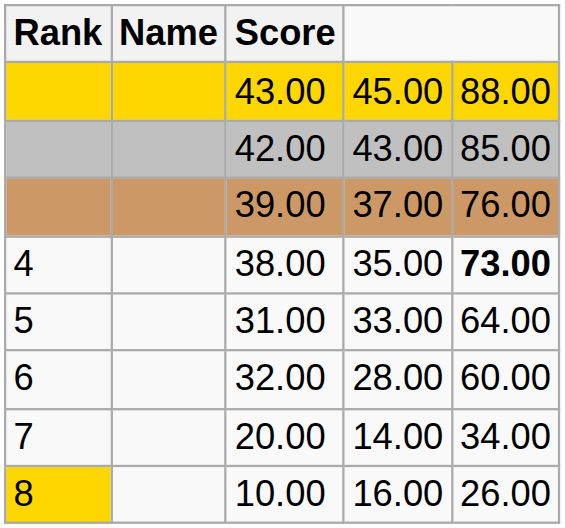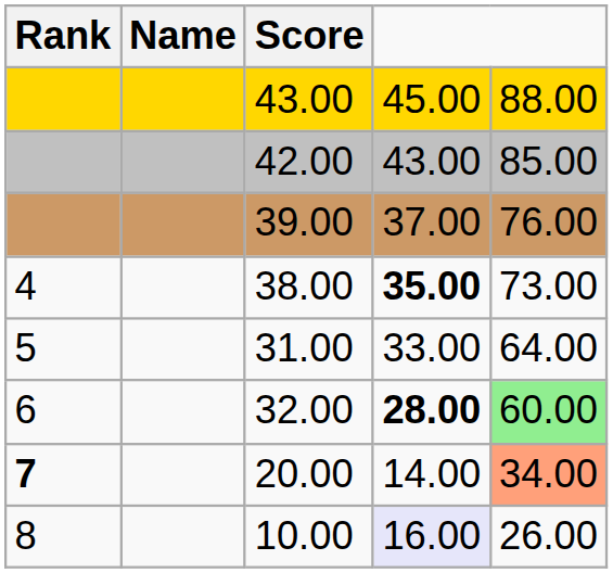 <table class="wikitable">
 <tr>
 <th>Rank</th>
 <th>Name</th>
 <th>Score</th>
 </tr>
 <tr style="background:gold;">
 <td></td>
 <td></td>
 <td>43.00</td>
 <td>45.00</td>
 <td>88.00</td>
 </tr>
 <tr style="background:silver;">
 <td></td>
 <td></td>
 <td>42.00</td>
 <td>43.00</td>
 <td>85.00</td>
 </tr>
 <tr style="background:#cc9966;">
 <td></td>
 <td></td>
 <td>39.00</td>
 <td>37.00</td>
 <td>76.00</td>
 </tr>
 <tr>
 <td>4</td>
 <td></td>
 <td>38.00</td>
-<td>35.00</td>
-<td><strong>73.00</strong></td>
+<td><strong>35.00</strong></td>
+<td>73.00</td>
 </tr>
 <tr>
 <td>5</td>
 <td></td>
 <td>31.00</td>
 <td>33.00</td>
 <td>64.00</td>
 </tr>
 <tr>
 <td>6</td>
 <td></td>
 <td>32.00</td>
-<td>28.00</td>
-<td>60.00</td>
+<td><strong>28.00</strong></td>
+<td style="background: lightgreen;">60.00</td>
 </tr>
 <tr>
-<td>7</td>
+<td><strong>7</strong></td>
 <td></td>
 <td>20.00</td>
 <td>14.00</td>
-<td>34.00</td>
+<td style="background: lightsalmon;">34.00</td>
 </tr>
 <tr>
-<td style="background: gold;">8</td>
+<td>8</td>
 <td></td>
 <td>10.00</td>
-<td>16.00</td>
+<td style="background: lavender;">16.00</td>
 <td>26.00</td>
 </tr>
 </table>
